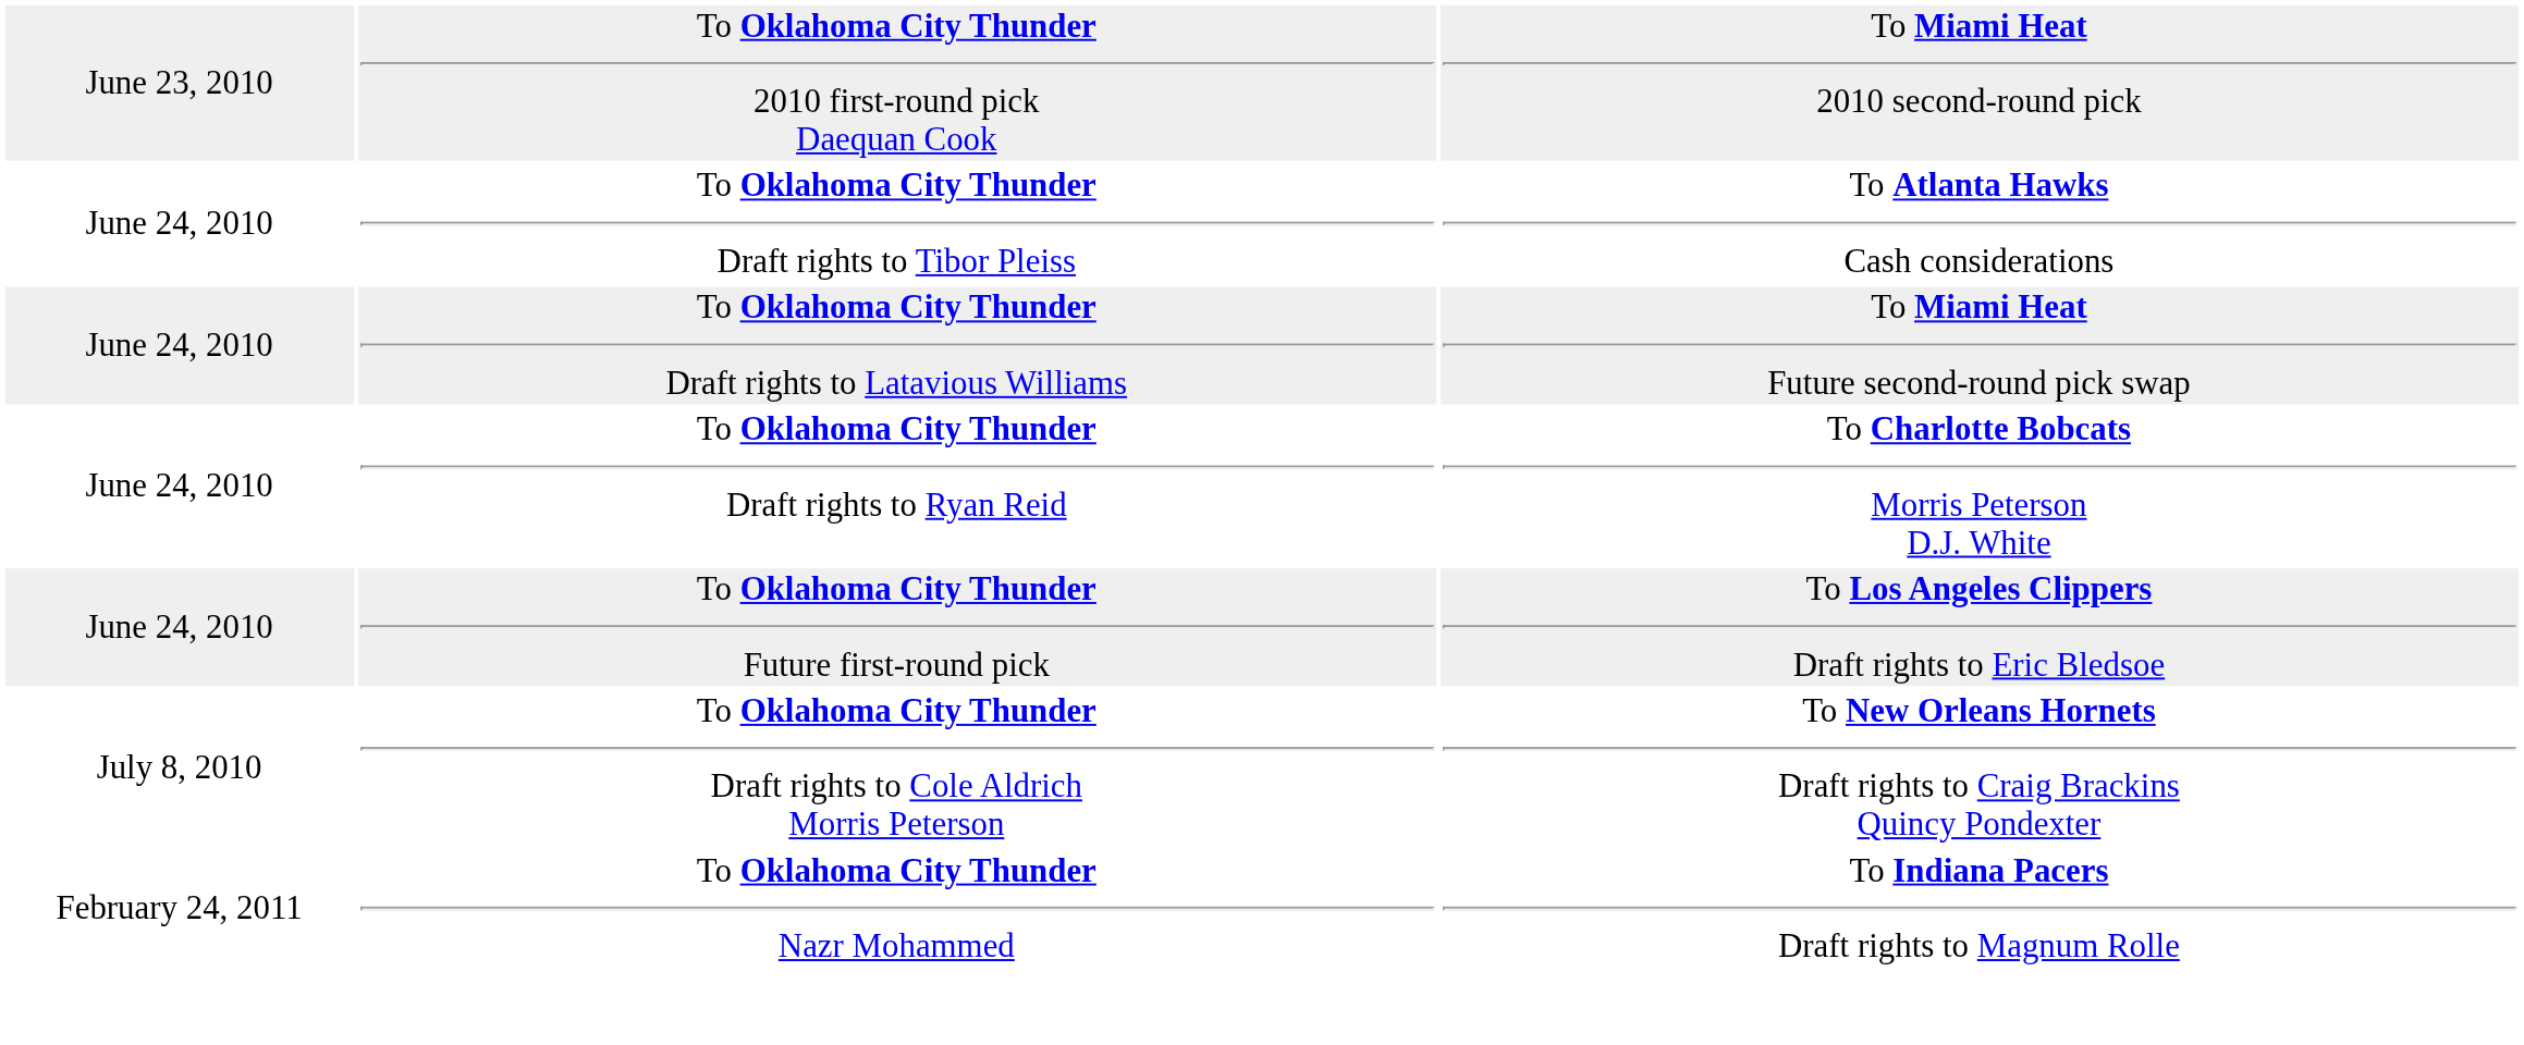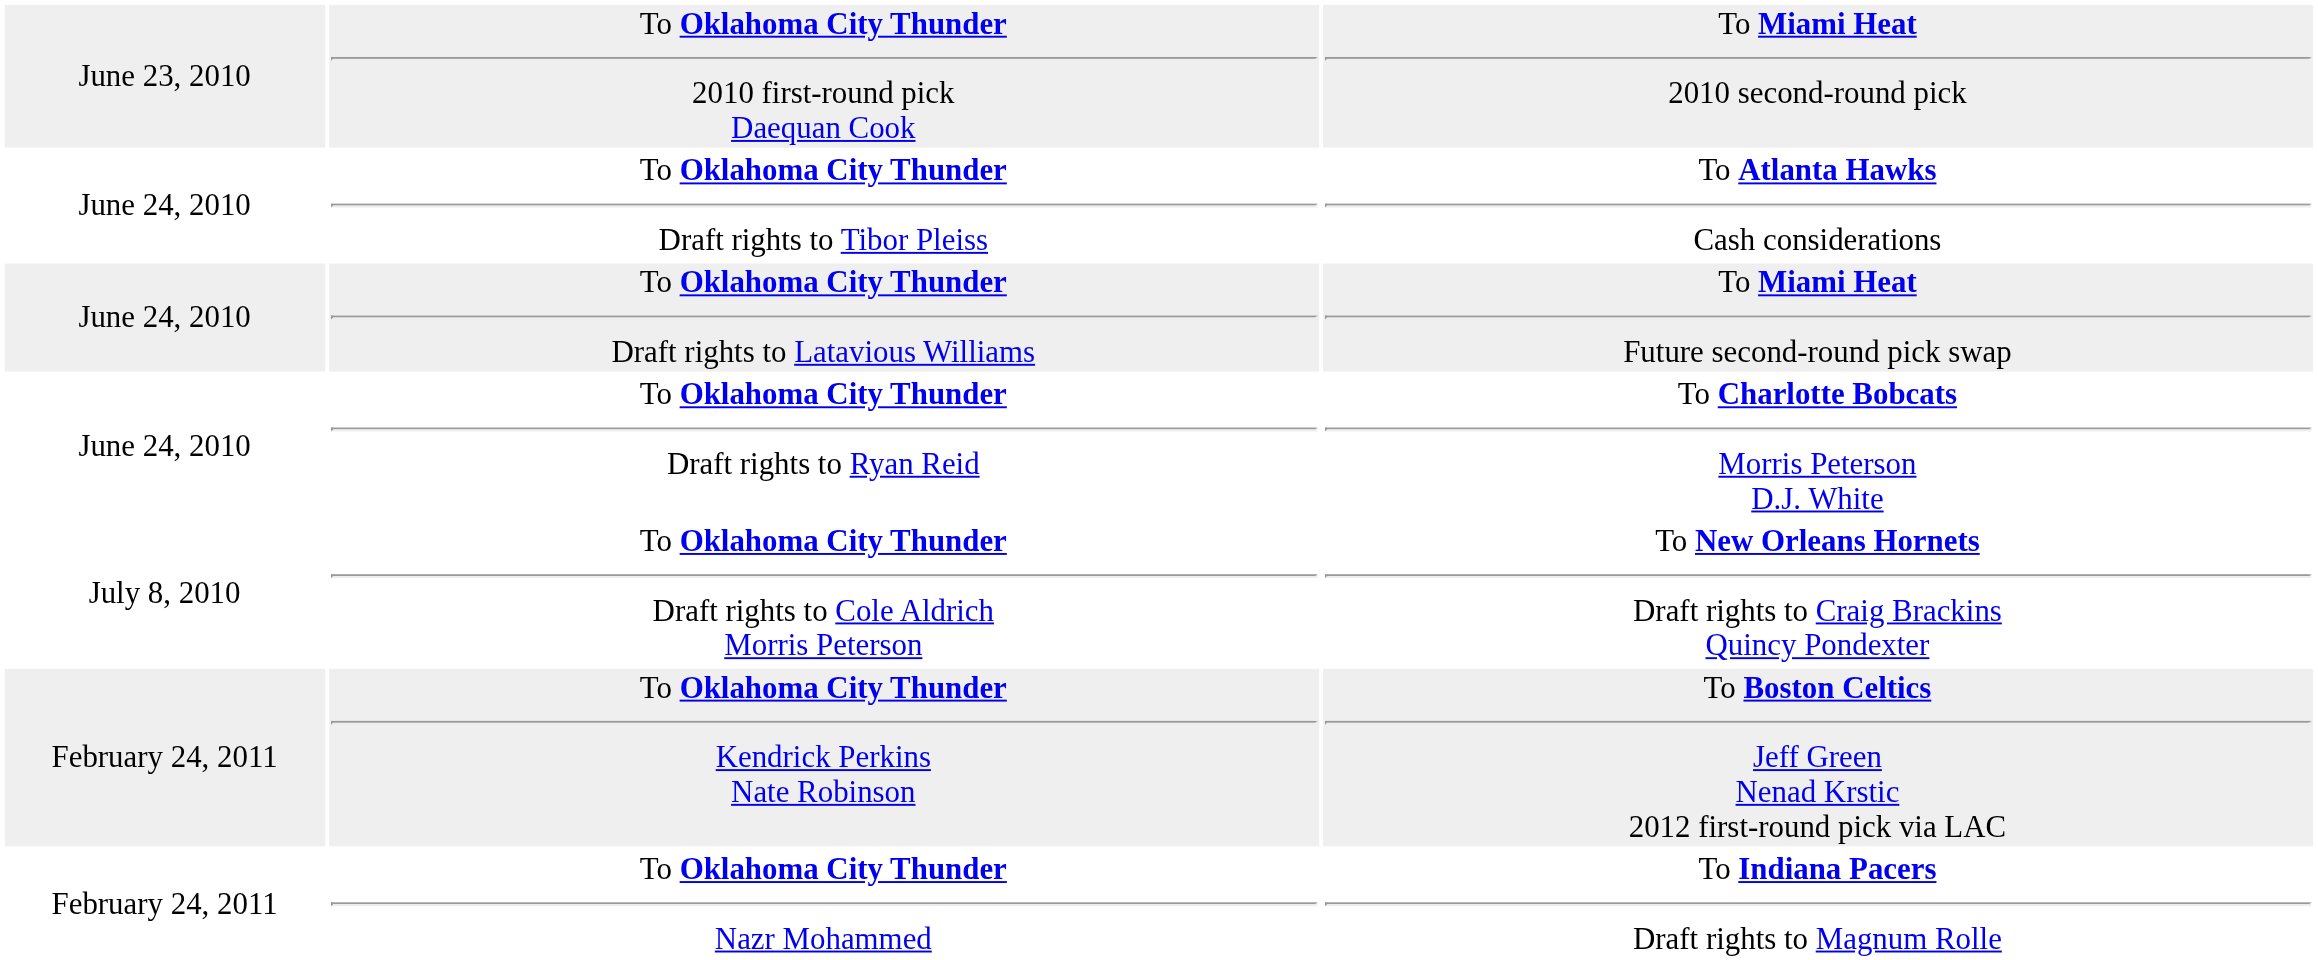 <table style="text-align: center">
 <tr style="background:#eeee">
 <td style="width:10%">June 23, 2010</td>
 <td style="width:31%; vertical-align:top;">To <strong><a href='#'>Oklahoma City Thunder</a></strong><hr>2010 first-round pick<br><a href='#'>Daequan Cook</a></td>
 <td style="width:31%; vertical-align:top;">To <strong><a href='#'>Miami Heat</a></strong><hr>2010 second-round pick</td>
 </tr>
 <tr>
 <td style="width:10%">June 24, 2010</td>
 <td style="width:31%; vertical-align:top;">To <strong><a href='#'>Oklahoma City Thunder</a></strong><hr>Draft rights to <a href='#'>Tibor Pleiss</a></td>
 <td style="width:31%; vertical-align:top;">To <strong><a href='#'>Atlanta Hawks</a></strong><hr>Cash considerations</td>
 </tr>
 <tr style="background:#eeee">
 <td style="width:10%">June 24, 2010</td>
 <td style="width:31%; vertical-align:top;">To <strong><a href='#'>Oklahoma City Thunder</a></strong><hr>Draft rights to <a href='#'>Latavious Williams</a></td>
 <td style="width:31%; vertical-align:top;">To <strong><a href='#'>Miami Heat</a></strong><hr>Future second-round pick swap</td>
 </tr>
 <tr>
 <td style="width:10%">June 24, 2010</td>
 <td style="width:31%; vertical-align:top;">To <strong><a href='#'>Oklahoma City Thunder</a></strong><hr>Draft rights to <a href='#'>Ryan Reid</a></td>
 <td style="width:31%; vertical-align:top;">To <strong><a href='#'>Charlotte Bobcats</a></strong><hr><a href='#'>Morris Peterson</a><br><a href='#'>D.J. White</a></td>
 </tr>
-<tr style="background:#eeee">
-<td style="width:10%">June 24, 2010</td>
-<td style="width:31%; vertical-align:top;">To <strong><a href='#'>Oklahoma City Thunder</a></strong><hr>Future first-round pick</td>
-<td style="width:31%; vertical-align:top;">To <strong><a href='#'>Los Angeles Clippers</a></strong><hr>Draft rights to <a href='#'>Eric Bledsoe</a></td>
-</tr>
 <tr>
 <td style="width:10%">July 8, 2010</td>
 <td style="width:31%; vertical-align:top;">To <strong><a href='#'>Oklahoma City Thunder</a></strong><hr>Draft rights to <a href='#'>Cole Aldrich</a><br><a href='#'>Morris Peterson</a></td>
 <td style="width:31%; vertical-align:top;">To <strong><a href='#'>New Orleans Hornets</a></strong><hr>Draft rights to <a href='#'>Craig Brackins</a><br><a href='#'>Quincy Pondexter</a></td>
+</tr>
+<tr style="background:#eeee">
+<td style="width:10%">February 24, 2011</td>
+<td style="width:31%; vertical-align:top;">To <strong><a href='#'>Oklahoma City Thunder</a></strong><hr><a href='#'>Kendrick Perkins</a><br><a href='#'>Nate Robinson</a></td>
+<td style="width:31%; vertical-align:top;">To <strong><a href='#'>Boston Celtics</a></strong><hr><a href='#'>Jeff Green</a><br><a href='#'>Nenad Krstic</a><br>2012 first-round pick via LAC</td>
 </tr>
 <tr>
 <td style="width:10%">February 24, 2011</td>
 <td style="width:31%; vertical-align:top;">To <strong><a href='#'>Oklahoma City Thunder</a></strong><hr><a href='#'>Nazr Mohammed</a></td>
 <td style="width:31%; vertical-align:top;">To <strong><a href='#'>Indiana Pacers</a></strong><hr>Draft rights to <a href='#'>Magnum Rolle</a></td>
 </tr>
 </table>
